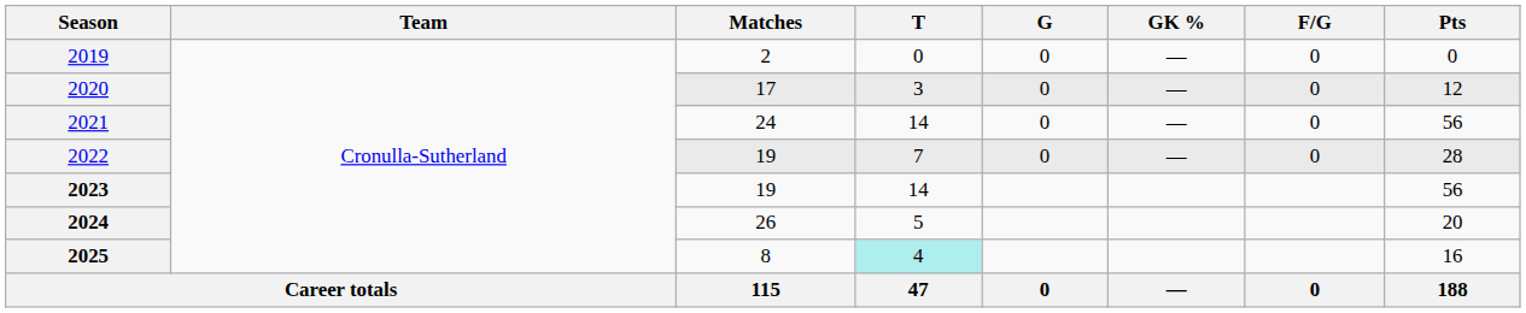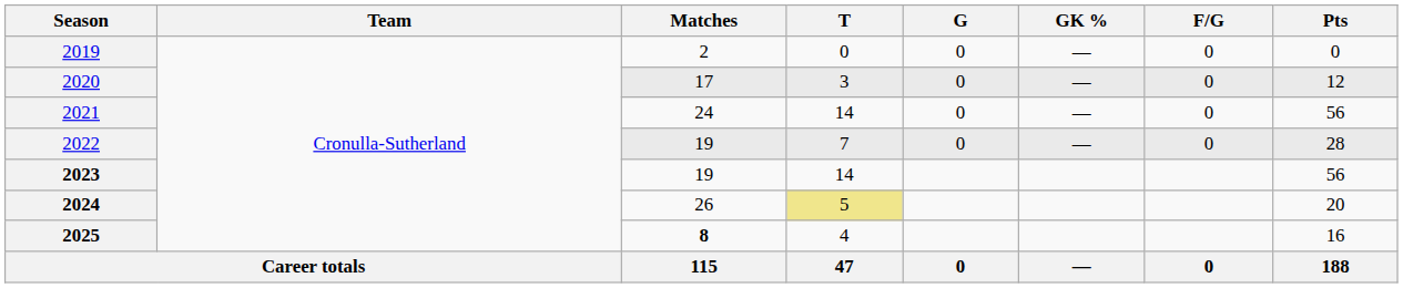 <table class="wikitable sortable" style="font-size:90%; text-align:center; width:85%;">
 <tr>
 <th width="2%">Season</th>
 <th width="8%">Team</th>
 <th width="2%">Matches</th>
 <th width="2%">T</th>
 <th width="2%">G</th>
 <th width="2%">GK %</th>
 <th width="2%">F/G</th>
 <th width="2%">Pts</th>
 </tr>
 <tr>
 <th scope="row" style="text-align:center; font-weight:normal"><a href='#'>2019</a></th>
 <td rowspan="7" style="text-align:center;"> <a href='#'>Cronulla-Sutherland</a></td>
 <td>2</td>
 <td>0</td>
 <td>0</td>
 <td>—</td>
 <td>0</td>
 <td>0</td>
 </tr>
 <tr style="background:#eaeaea;">
 <th scope="row" style="text-align:center; font-weight:normal"><a href='#'>2020</a></th>
 <td>17</td>
 <td>3</td>
 <td>0</td>
 <td>—</td>
 <td>0</td>
 <td>12</td>
 </tr>
 <tr>
 <th scope="row" style="text-align:center; font-weight:normal"><a href='#'>2021</a></th>
 <td>24</td>
 <td>14</td>
 <td>0</td>
 <td>—</td>
 <td>0</td>
 <td>56</td>
 </tr>
 <tr style="background:#eaeaea;">
 <th scope="row" style="text-align:center; font-weight:normal"><a href='#'>2022</a></th>
 <td>19</td>
 <td>7</td>
 <td>0</td>
 <td>—</td>
 <td>0</td>
 <td>28</td>
 </tr>
 <tr>
 <th>2023</th>
 <td>19</td>
 <td>14</td>
 <td></td>
 <td></td>
 <td></td>
 <td>56</td>
 </tr>
 <tr>
 <th>2024</th>
 <td>26</td>
-<td>5</td>
+<td style="background: khaki;">5</td>
 <td></td>
 <td></td>
 <td></td>
 <td>20</td>
 </tr>
 <tr>
 <th>2025</th>
-<td>8</td>
-<td style="background: paleturquoise;">4</td>
+<td><strong>8</strong></td>
+<td>4</td>
 <td></td>
 <td></td>
 <td></td>
 <td>16</td>
 </tr>
 <tr class="sortbottom">
 <th colspan="2">Career totals</th>
 <th>115</th>
 <th>47</th>
 <th>0</th>
 <th>—</th>
 <th>0</th>
 <th>188</th>
 </tr>
 </table>
